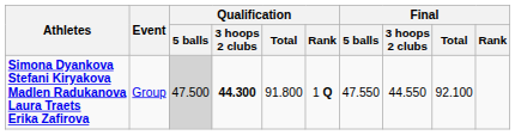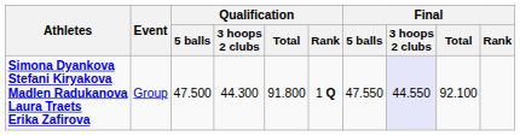 <table class="wikitable" style="font-size:90%">
 <tr>
 <th rowspan="2">Athletes</th>
 <th rowspan="2">Event</th>
 <th colspan="4">Qualification</th>
 <th colspan="4">Final</th>
 </tr>
 <tr style="font-size:95%">
 <th>5 balls</th>
 <th>3 hoops<br>2 clubs</th>
 <th>Total</th>
 <th>Rank</th>
 <th>5 balls</th>
 <th>3 hoops<br>2 clubs</th>
 <th>Total</th>
 <th>Rank</th>
 </tr>
 <tr align=center>
 <td align=left><strong><a href='#'>Simona Dyankova</a><br><a href='#'>Stefani Kiryakova</a><br><a href='#'>Madlen Radukanova</a><br><a href='#'>Laura Traets</a><br><a href='#'>Erika Zafirova</a></strong></td>
 <td align=left><a href='#'>Group</a></td>
-<td style="background: lightgrey;">47.500</td>
-<td><strong>44.300</strong></td>
+<td>47.500</td>
+<td>44.300</td>
 <td>91.800</td>
 <td>1 <strong>Q</strong></td>
 <td>47.550</td>
-<td>44.550</td>
+<td style="background: lavender;">44.550</td>
 <td>92.100</td>
 <td></td>
 </tr>
 </table>
